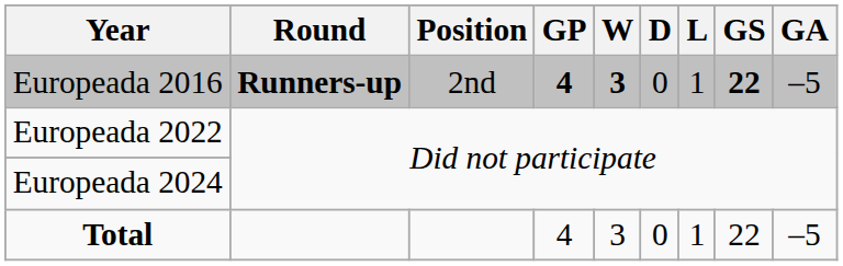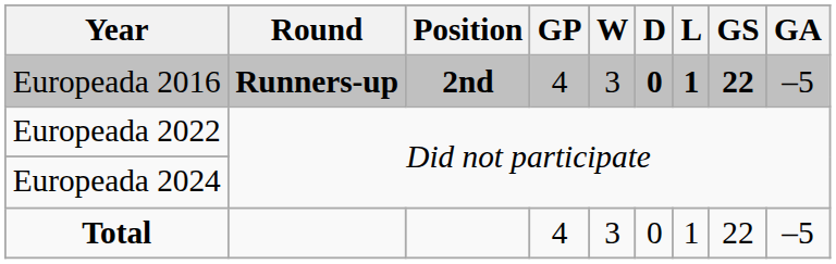 <table class="wikitable" style="text-align: center;">
 <tr>
 <th>Year</th>
 <th>Round</th>
 <th>Position</th>
 <th>GP</th>
 <th>W</th>
 <th>D</th>
 <th>L</th>
 <th>GS</th>
 <th>GA</th>
 </tr>
 <tr bgcolor=silver>
 <td> Europeada 2016</td>
 <td><strong>Runners-up</strong></td>
-<td>2nd</td>
-<td><strong>4</strong></td>
-<td><strong>3</strong></td>
-<td>0</td>
-<td>1</td>
+<td><strong>2nd</strong></td>
+<td>4</td>
+<td>3</td>
+<td><strong>0</strong></td>
+<td><strong>1</strong></td>
 <td><strong>22</strong></td>
 <td>–5</td>
 </tr>
 <tr>
 <td> Europeada 2022</td>
 <td colspan="8" rowspan="2"><em>Did not participate</em></td>
 </tr>
 <tr>
 <td> Europeada 2024</td>
 </tr>
 <tr>
 <td><strong>Total</strong></td>
 <td></td>
 <td></td>
 <td>4</td>
 <td>3</td>
 <td>0</td>
 <td>1</td>
 <td>22</td>
 <td>–5</td>
 </tr>
 </table>
